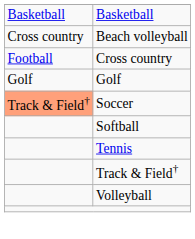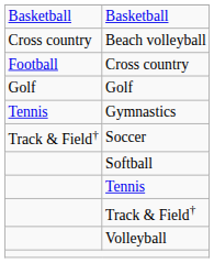 <table class="wikitable" style=" ">
 <tr>
 </tr>
 <tr>
 <td><a href='#'>Basketball</a></td>
 <td><a href='#'>Basketball</a></td>
 </tr>
 <tr>
 <td>Cross country</td>
 <td>Beach volleyball</td>
 </tr>
 <tr>
 <td><a href='#'>Football</a></td>
 <td>Cross country</td>
 </tr>
 <tr>
 <td>Golf</td>
 <td>Golf</td>
 </tr>
 <tr>
-<td style="background: lightsalmon;">Track & Field<sup>†</sup></td>
+<td><a href='#'>Tennis</a></td>
+<td>Gymnastics</td>
+</tr>
+<tr>
+<td>Track & Field<sup>†</sup></td>
 <td>Soccer</td>
 </tr>
 <tr>
 <td></td>
 <td>Softball</td>
 </tr>
 <tr>
 <td></td>
 <td><a href='#'>Tennis</a></td>
 </tr>
 <tr>
 <td></td>
 <td>Track & Field<sup>†</sup></td>
 </tr>
 <tr>
 <td></td>
 <td>Volleyball</td>
 </tr>
 <tr>
 <td colspan="2"></td>
 </tr>
 </table>
